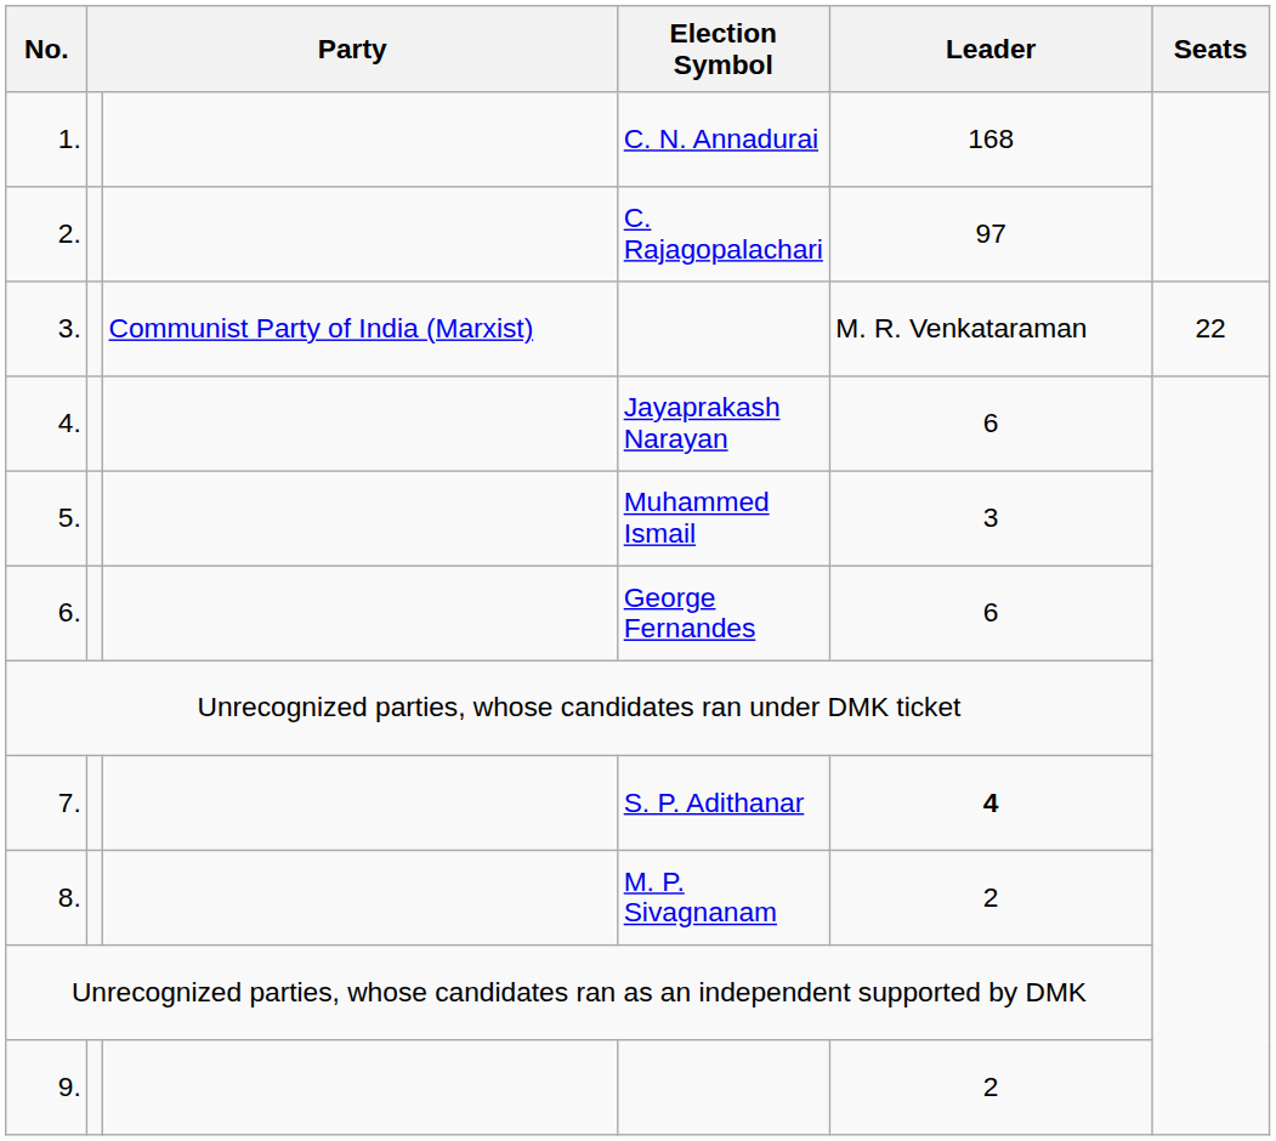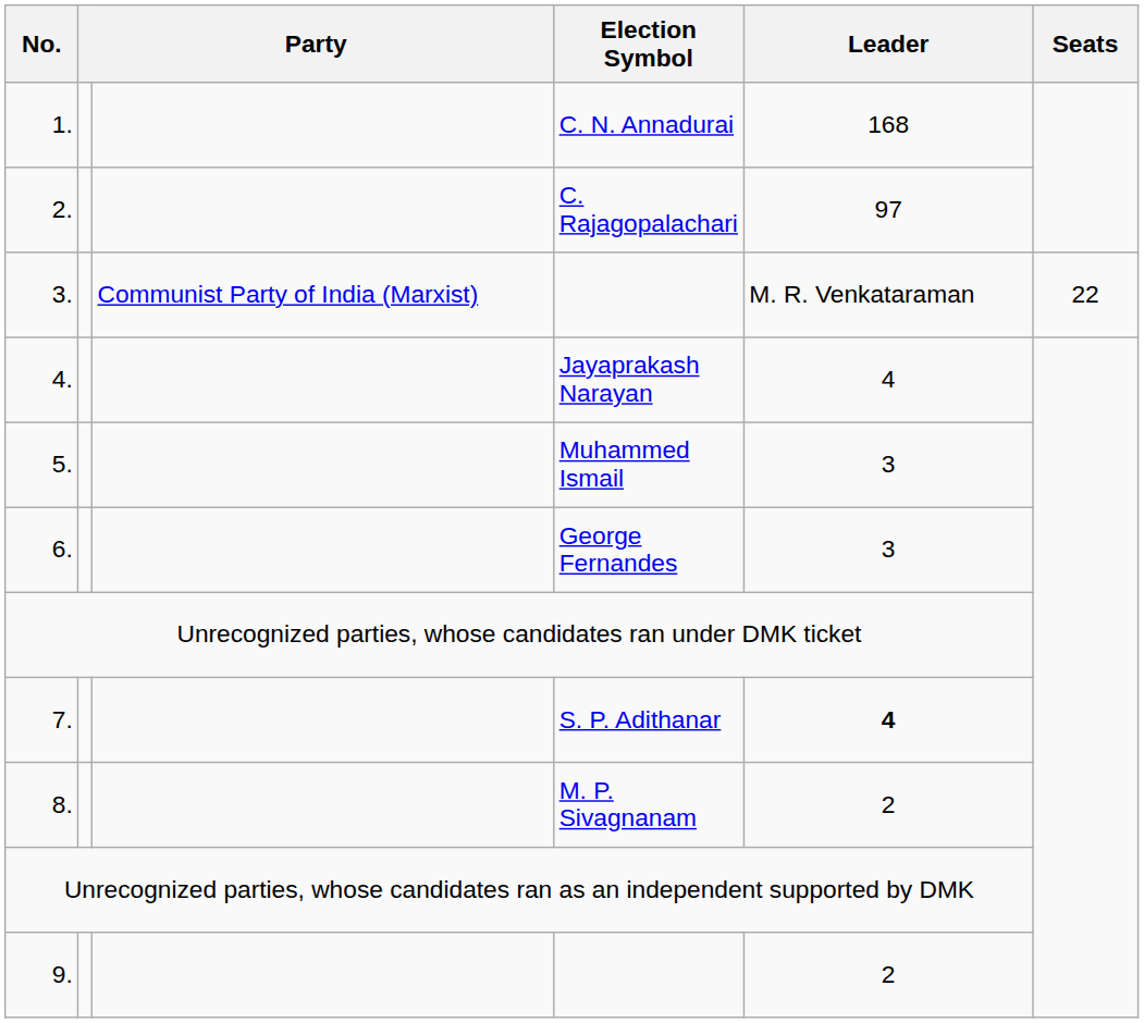 <table class="wikitable">
 <tr style="height: 50px;">
 <th scope="col" style="width:40px;">No.<br></th>
 <th scope="col" style="width:300px;"colspan="2">Party</th>
 <th scope="col" style="width:80px;">Election Symbol</th>
 <th scope="col" style="width:180px;">Leader</th>
 <th scope="col" style="width:60px;">Seats</th>
 </tr>
 <tr style="height: 55px;">
 <td style="text-align:right;">1.</td>
 <td></td>
 <td style="text-align:center;"><br></td>
 <td><a href='#'>C. N. Annadurai</a></td>
 <td style="text-align:center;">168</td>
 </tr>
 <tr style="height: 55px;">
 <td style="text-align:right;">2.</td>
 <td></td>
 <td style="text-align:center;"></td>
 <td><a href='#'>C. Rajagopalachari</a></td>
 <td style="text-align:center;">97</td>
 </tr>
 <tr style="height: 55px;">
 <td style="text-align:right;">3.</td>
 <td></td>
 <td><a href='#'>Communist Party of India (Marxist)</a></td>
 <td style="text-align:center;"></td>
 <td>M. R. Venkataraman</td>
 <td style="text-align:center;">22</td>
 </tr>
 <tr style="height: 55px;">
 <td style="text-align:right;">4.</td>
 <td></td>
 <td style="text-align:center;"></td>
 <td><a href='#'>Jayaprakash Narayan</a></td>
-<td style="text-align:center;">6</td>
+<td style="text-align:center;">4</td>
 </tr>
 <tr style="height: 55px;">
 <td style="text-align:right;">5.</td>
 <td></td>
 <td style="text-align:center;"></td>
 <td><a href='#'>Muhammed Ismail</a></td>
 <td style="text-align:center;">3</td>
 </tr>
 <tr style="height: 55px;">
 <td style="text-align:right;">6.</td>
 <td></td>
 <td style="text-align:center;"></td>
 <td><a href='#'>George Fernandes</a></td>
-<td style="text-align:center;">6</td>
+<td style="text-align:center;">3</td>
 </tr>
 <tr style="height: 55px;">
 <td colspan = "5" align = "center">Unrecognized parties, whose candidates ran under DMK ticket</td>
 </tr>
 <tr style="height: 55px;">
 <td style="text-align:right;">7.</td>
 <td></td>
 <td style="text-align:center;"></td>
 <td><a href='#'>S. P. Adithanar</a></td>
 <td style="text-align:center;"><strong>4</strong></td>
 </tr>
 <tr style="height: 55px;">
 <td style="text-align:right;">8.</td>
 <td></td>
 <td style="text-align:center;"></td>
 <td><a href='#'>M. P. Sivagnanam</a></td>
 <td style="text-align:center;">2</td>
 </tr>
 <tr style="height: 55px;">
 <td colspan = "5" align = "center">Unrecognized parties, whose candidates ran as an independent supported by DMK</td>
 </tr>
 <tr style="height: 55px;">
 <td style="text-align:right;">9.</td>
 <td></td>
 <td style="text-align:center;"></td>
 <td></td>
 <td style="text-align:center;">2</td>
 </tr>
 </table>
